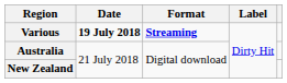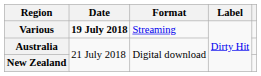 <table class="wikitable plainrowheaders">
 <tr>
 <th scope="col">Region</th>
 <th scope="col">Date</th>
 <th scope="col">Format</th>
 <th scope="col">Label</th>
 <th></th>
 </tr>
 <tr>
 <th scope="row">Various</th>
 <td><strong>19 July 2018</strong></td>
-<td><strong><a href='#'>Streaming</a></strong></td>
+<td><a href='#'>Streaming</a></td>
 <td rowspan="3"><a href='#'>Dirty Hit</a></td>
 <td align="center"></td>
 </tr>
 <tr>
 <th scope="row">Australia</th>
 <td rowspan="2">21 July 2018</td>
 <td rowspan="2">Digital download</td>
 <td align="center"></td>
 </tr>
 <tr>
 <th scope="row">New Zealand</th>
 <td align="center"></td>
 </tr>
 </table>
